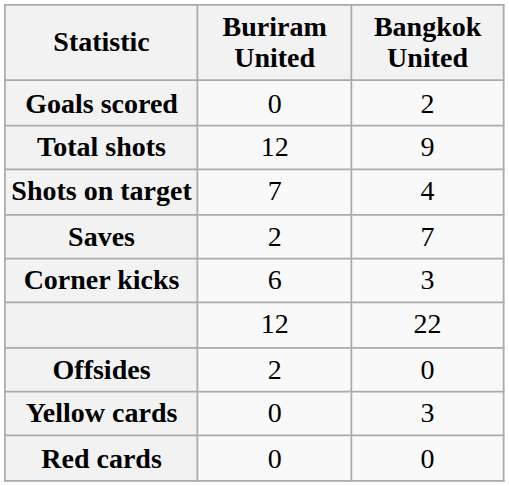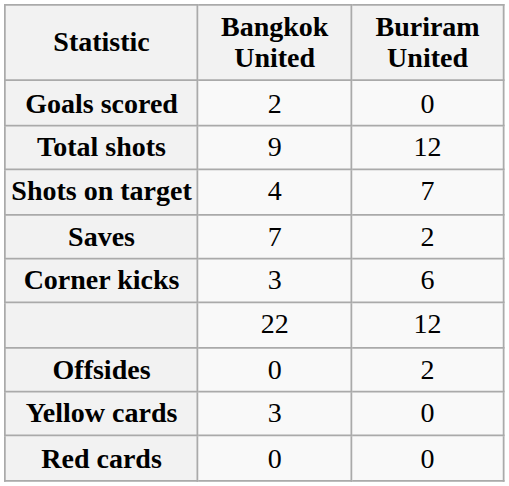 <table class="wikitable plainrowheaders" style="text-align:center">
 <tr>
 <th scope="col">Statistic</th>
+<th scope="col" style="width:80px">Bangkok United</th>
 <th scope="col" style="width:80px">Buriram United</th>
-<th scope="col" style="width:80px">Bangkok United</th>
 </tr>
 <tr>
 <th scope=row>Goals scored</th>
+<td>2</td>
+<td>0</td>
+</tr>
+<tr>
+<th scope=row>Total shots</th>
+<td>9</td>
+<td>12</td>
+</tr>
+<tr>
+<th scope=row>Shots on target</th>
+<td>4</td>
+<td>7</td>
+</tr>
+<tr>
+<th scope=row>Saves</th>
+<td>7</td>
+<td>2</td>
+</tr>
+<tr>
+<th scope=row>Corner kicks</th>
+<td>3</td>
+<td>6</td>
+</tr>
+<tr>
+<th scope=row></th>
+<td>22</td>
+<td>12</td>
+</tr>
+<tr>
+<th scope=row>Offsides</th>
 <td>0</td>
 <td>2</td>
 </tr>
 <tr>
-<th scope=row>Total shots</th>
-<td>12</td>
-<td>9</td>
-</tr>
-<tr>
-<th scope=row>Shots on target</th>
-<td>7</td>
-<td>4</td>
-</tr>
-<tr>
-<th scope=row>Saves</th>
-<td>2</td>
-<td>7</td>
-</tr>
-<tr>
-<th scope=row>Corner kicks</th>
-<td>6</td>
+<th scope=row>Yellow cards</th>
 <td>3</td>
-</tr>
-<tr>
-<th scope=row></th>
-<td>12</td>
-<td>22</td>
-</tr>
-<tr>
-<th scope=row>Offsides</th>
-<td>2</td>
 <td>0</td>
-</tr>
-<tr>
-<th scope=row>Yellow cards</th>
-<td>0</td>
-<td>3</td>
 </tr>
 <tr>
 <th scope=row>Red cards</th>
 <td>0</td>
 <td>0</td>
 </tr>
 </table>
